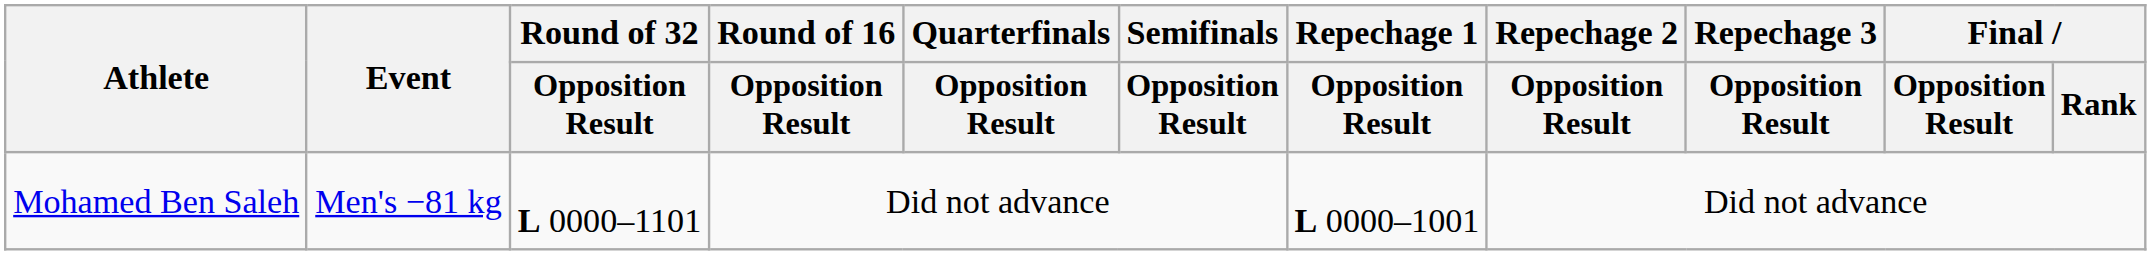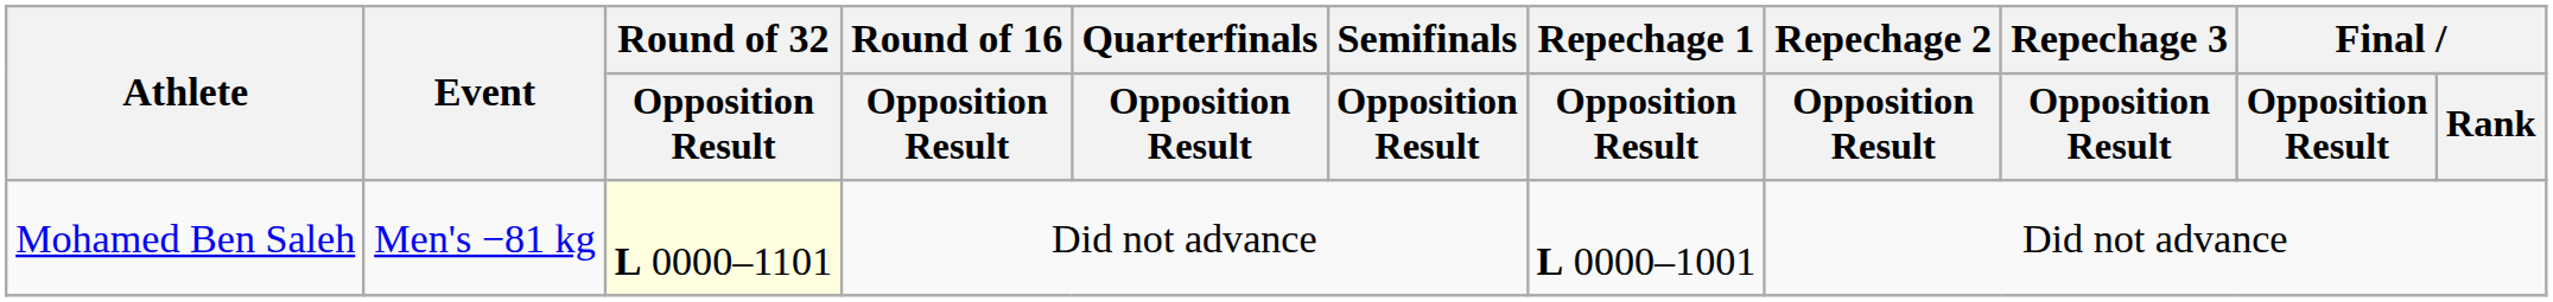 <table class="wikitable" style="font-size:90%">
 <tr>
 <th rowspan="2">Athlete</th>
 <th rowspan="2">Event</th>
 <th>Round of 32</th>
 <th>Round of 16</th>
 <th>Quarterfinals</th>
 <th>Semifinals</th>
 <th>Repechage 1</th>
 <th>Repechage 2</th>
 <th>Repechage 3</th>
 <th colspan=2>Final / </th>
 </tr>
 <tr style="font-size:95%">
 <th>Opposition<br>Result</th>
 <th>Opposition<br>Result</th>
 <th>Opposition<br>Result</th>
 <th>Opposition<br>Result</th>
 <th>Opposition<br>Result</th>
 <th>Opposition<br>Result</th>
 <th>Opposition<br>Result</th>
 <th>Opposition<br>Result</th>
 <th>Rank</th>
 </tr>
 <tr align=center>
 <td align=left><a href='#'>Mohamed Ben Saleh</a></td>
 <td align=left><a href='#'>Men's −81 kg</a></td>
-<td><br><strong>L</strong> 0000–1101</td>
+<td style="background: lightyellow;"><br><strong>L</strong> 0000–1101</td>
 <td colspan=3>Did not advance</td>
 <td><br><strong>L</strong> 0000–1001</td>
 <td colspan=4>Did not advance</td>
 </tr>
 </table>
